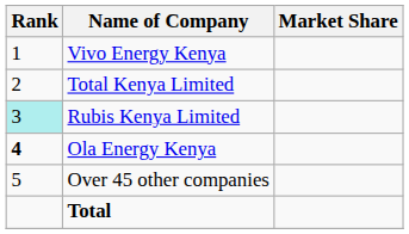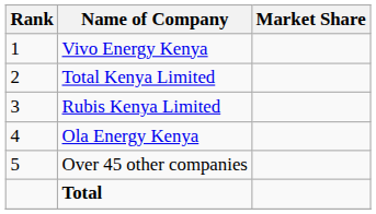 <table class="wikitable sortable" style="margin: 0.5em auto">
 <tr>
 <th>Rank</th>
 <th>Name of Company</th>
 <th>Market Share</th>
 </tr>
 <tr>
 <td>1</td>
 <td><a href='#'>Vivo Energy Kenya</a></td>
 <td></td>
 </tr>
 <tr>
 <td>2</td>
 <td><a href='#'>Total Kenya Limited</a></td>
 <td></td>
 </tr>
 <tr>
-<td style="background: paleturquoise;">3</td>
+<td>3</td>
 <td><a href='#'>Rubis Kenya Limited</a></td>
 <td></td>
 </tr>
 <tr>
-<td><strong>4</strong></td>
+<td>4</td>
 <td><a href='#'>Ola Energy Kenya</a></td>
 <td></td>
 </tr>
 <tr>
 <td>5</td>
 <td>Over 45 other companies</td>
 <td></td>
 </tr>
 <tr>
 <td></td>
 <td><strong>Total</strong></td>
 <td></td>
 </tr>
 <tr>
 </tr>
 </table>
